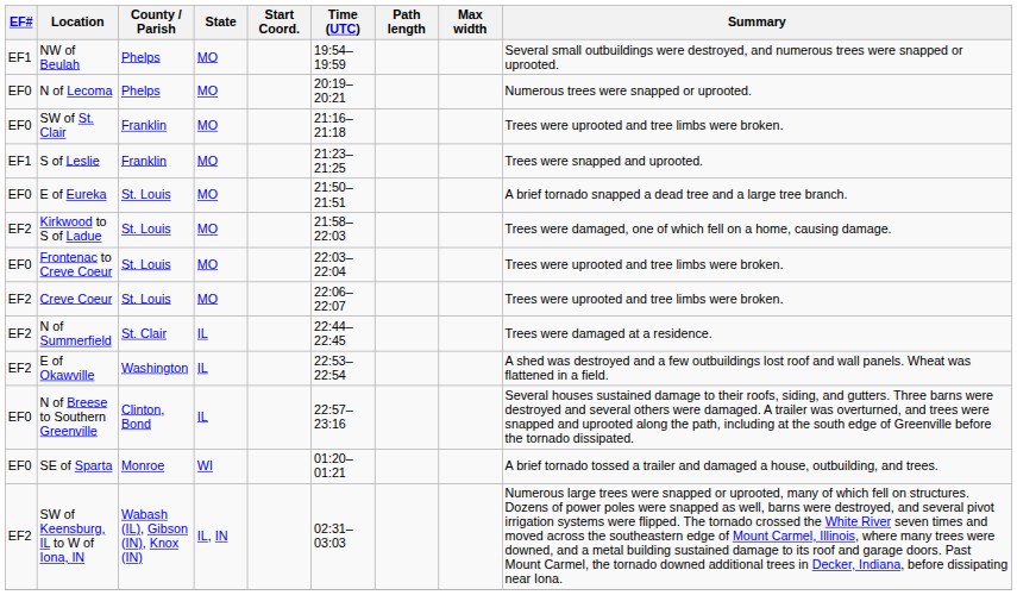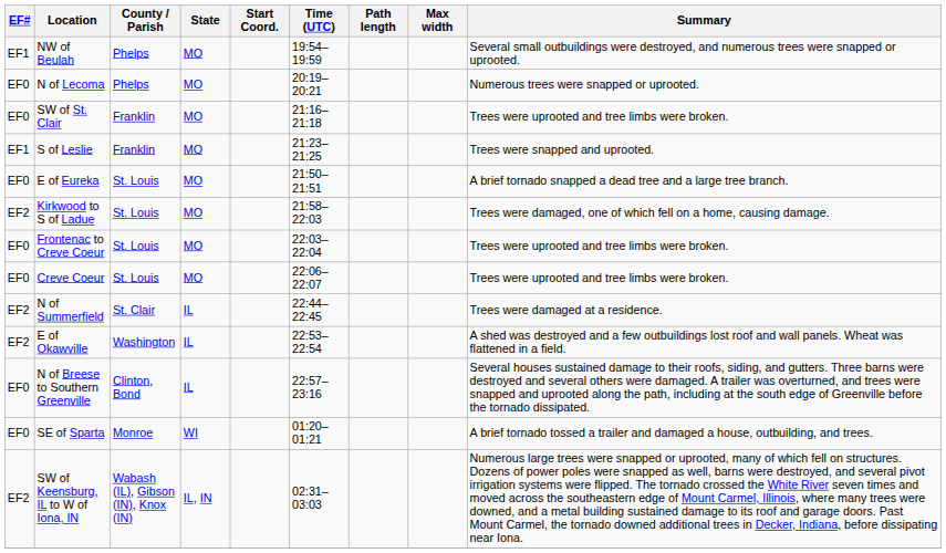 <table class="wikitable sortable" style="width:100%;">
 <tr>
 <th scope="col"  style="width:3%; text-align:center;"><a href='#'>EF#</a></th>
 <th scope="col"  style="width:7%; text-align:center;" class="unsortable">Location</th>
 <th scope="col"  style="width:6%; text-align:center;" class="unsortable">County / Parish</th>
 <th scope="col"  style="width:5%; text-align:center;">State</th>
 <th scope="col"  style="width:6%; text-align:center;">Start Coord.</th>
 <th scope="col"  style="width:6%; text-align:center;">Time (<a href='#'>UTC</a>)</th>
 <th scope="col"  style="width:6%; text-align:center;">Path length</th>
 <th scope="col"  style="width:6%; text-align:center;">Max width</th>
 <th scope="col" class="unsortable" style="width:48%; text-align:center;">Summary</th>
 </tr>
 <tr>
 <td>EF1</td>
 <td>NW of <a href='#'>Beulah</a></td>
 <td><a href='#'>Phelps</a></td>
 <td><a href='#'>MO</a></td>
 <td></td>
 <td>19:54–19:59</td>
 <td></td>
 <td></td>
 <td>Several small outbuildings were destroyed, and numerous trees were snapped or uprooted.</td>
 </tr>
 <tr>
 <td>EF0</td>
 <td>N of <a href='#'>Lecoma</a></td>
 <td><a href='#'>Phelps</a></td>
 <td><a href='#'>MO</a></td>
 <td></td>
 <td>20:19–20:21</td>
 <td></td>
 <td></td>
 <td>Numerous trees were snapped or uprooted.</td>
 </tr>
 <tr>
 <td>EF0</td>
 <td>SW of <a href='#'>St. Clair</a></td>
 <td><a href='#'>Franklin</a></td>
 <td><a href='#'>MO</a></td>
 <td></td>
 <td>21:16–21:18</td>
 <td></td>
 <td></td>
 <td>Trees were uprooted and tree limbs were broken.</td>
 </tr>
 <tr>
 <td>EF1</td>
 <td>S of <a href='#'>Leslie</a></td>
 <td><a href='#'>Franklin</a></td>
 <td><a href='#'>MO</a></td>
 <td></td>
 <td>21:23–21:25</td>
 <td></td>
 <td></td>
 <td>Trees were snapped and uprooted.</td>
 </tr>
 <tr>
 <td>EF0</td>
 <td>E of <a href='#'>Eureka</a></td>
 <td><a href='#'>St. Louis</a></td>
 <td><a href='#'>MO</a></td>
 <td></td>
 <td>21:50–21:51</td>
 <td></td>
 <td></td>
 <td>A brief tornado snapped a dead tree and a large tree branch.</td>
 </tr>
 <tr>
 <td>EF2</td>
 <td><a href='#'>Kirkwood</a> to S of <a href='#'>Ladue</a></td>
 <td><a href='#'>St. Louis</a></td>
 <td><a href='#'>MO</a></td>
 <td></td>
 <td>21:58–22:03</td>
 <td></td>
 <td></td>
 <td>Trees were damaged, one of which fell on a home, causing damage.</td>
 </tr>
 <tr>
 <td>EF0</td>
 <td><a href='#'>Frontenac</a> to <a href='#'>Creve Coeur</a></td>
 <td><a href='#'>St. Louis</a></td>
 <td><a href='#'>MO</a></td>
 <td></td>
 <td>22:03–22:04</td>
 <td></td>
 <td></td>
 <td>Trees were uprooted and tree limbs were broken.</td>
 </tr>
 <tr>
-<td>EF2</td>
+<td>EF0</td>
 <td><a href='#'>Creve Coeur</a></td>
 <td><a href='#'>St. Louis</a></td>
 <td><a href='#'>MO</a></td>
 <td></td>
 <td>22:06–22:07</td>
 <td></td>
 <td></td>
 <td>Trees were uprooted and tree limbs were broken.</td>
 </tr>
 <tr>
 <td>EF2</td>
 <td>N of <a href='#'>Summerfield</a></td>
 <td><a href='#'>St. Clair</a></td>
 <td><a href='#'>IL</a></td>
 <td></td>
 <td>22:44–22:45</td>
 <td></td>
 <td></td>
 <td>Trees were damaged at a residence.</td>
 </tr>
 <tr>
 <td>EF2</td>
 <td>E of <a href='#'>Okawville</a></td>
 <td><a href='#'>Washington</a></td>
 <td><a href='#'>IL</a></td>
 <td></td>
 <td>22:53–22:54</td>
 <td></td>
 <td></td>
 <td>A shed was destroyed and a few outbuildings lost roof and wall panels. Wheat was flattened in a field.</td>
 </tr>
 <tr>
 <td>EF0</td>
 <td>N of <a href='#'>Breese</a> to Southern <a href='#'>Greenville</a></td>
 <td><a href='#'>Clinton</a>, <a href='#'>Bond</a></td>
 <td><a href='#'>IL</a></td>
 <td></td>
 <td>22:57–23:16</td>
 <td></td>
 <td></td>
 <td>Several houses sustained damage to their roofs, siding, and gutters. Three barns were destroyed and several others were damaged. A trailer was overturned, and trees were snapped and uprooted along the path, including at the south edge of Greenville before the tornado dissipated.</td>
 </tr>
 <tr>
 <td>EF0</td>
 <td>SE of <a href='#'>Sparta</a></td>
 <td><a href='#'>Monroe</a></td>
 <td><a href='#'>WI</a></td>
 <td></td>
 <td>01:20–01:21</td>
 <td></td>
 <td></td>
 <td>A brief tornado tossed a trailer and damaged a house, outbuilding, and trees.</td>
 </tr>
 <tr>
 <td>EF2</td>
 <td>SW of <a href='#'>Keensburg, IL</a> to W of <a href='#'>Iona, IN</a></td>
 <td><a href='#'>Wabash (IL)</a>, <a href='#'>Gibson (IN)</a>, <a href='#'>Knox (IN)</a></td>
 <td><a href='#'>IL</a>, <a href='#'>IN</a></td>
 <td></td>
 <td>02:31–03:03</td>
 <td></td>
 <td></td>
 <td>Numerous large trees were snapped or uprooted, many of which fell on structures. Dozens of power poles were snapped as well, barns were destroyed, and several pivot irrigation systems were flipped. The tornado crossed the <a href='#'>White River</a> seven times and moved across the southeastern edge of <a href='#'>Mount Carmel, Illinois</a>, where many trees were downed, and a metal building sustained damage to its roof and garage doors. Past Mount Carmel, the tornado downed additional trees in <a href='#'>Decker, Indiana</a>, before dissipating near Iona.</td>
 </tr>
 <tr>
 </tr>
 </table>
